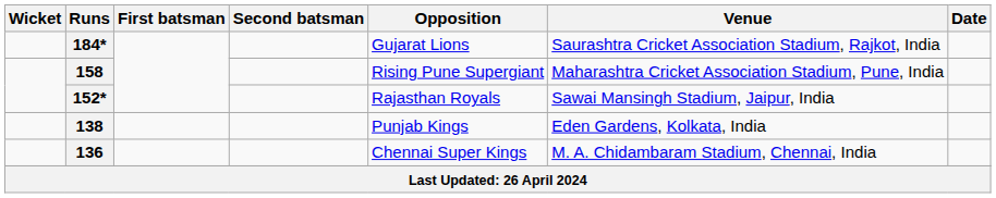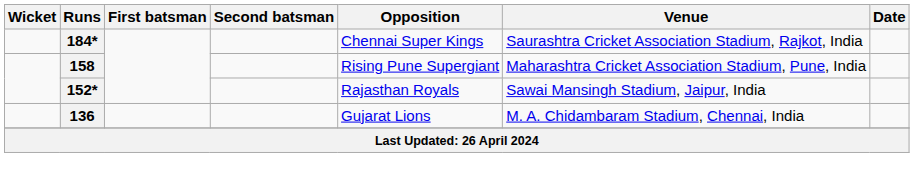 <table class="wikitable sortable" style="text-align:left;font-size:96%;">
 <tr>
 <th>Wicket</th>
 <th>Runs</th>
 <th>First batsman</th>
 <th>Second batsman</th>
 <th>Opposition</th>
 <th>Venue</th>
 <th>Date</th>
 </tr>
 <tr>
 <td align=center></td>
 <th scope=row style=text-align:center;>184*</th>
 <td rowspan=3></td>
 <td></td>
-<td><a href='#'>Gujarat Lions</a></td>
+<td><a href='#'>Chennai Super Kings</a></td>
 <td><a href='#'>Saurashtra Cricket Association Stadium</a>, <a href='#'>Rajkot</a>, India</td>
 <td></td>
 </tr>
 <tr>
 <td align=center rowspan=2></td>
 <th scope=row style=text-align:center;>158</th>
 <td></td>
 <td><a href='#'>Rising Pune Supergiant</a></td>
 <td><a href='#'>Maharashtra Cricket Association Stadium</a>, <a href='#'>Pune</a>, India</td>
 <td></td>
 </tr>
 <tr>
 <th scope=row style=text-align:center;>152*</th>
 <td></td>
 <td><a href='#'>Rajasthan Royals</a></td>
 <td><a href='#'>Sawai Mansingh Stadium</a>, <a href='#'>Jaipur</a>, India</td>
 <td></td>
 </tr>
 <tr>
 <td align=center></td>
-<th scope=row style=text-align:center;>138</th>
-<td></td>
-<td></td>
-<td><a href='#'>Punjab Kings</a></td>
-<td><a href='#'>Eden Gardens</a>, <a href='#'>Kolkata</a>, India</td>
-<td></td>
-</tr>
-<tr>
-<td align=center></td>
 <th scope=row style=text-align:center;>136</th>
 <td></td>
 <td></td>
-<td><a href='#'>Chennai Super Kings</a></td>
+<td><a href='#'>Gujarat Lions</a></td>
 <td><a href='#'>M. A. Chidambaram Stadium</a>, <a href='#'>Chennai</a>, India</td>
 <td></td>
 </tr>
 <tr>
 </tr>
 <tr class=sortbottom>
 <th colspan=7><small>Last Updated: 26 April 2024</small></th>
 </tr>
 </table>
